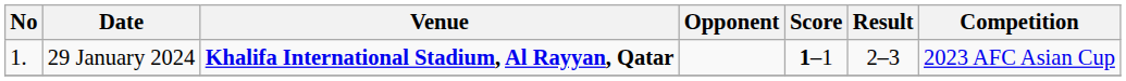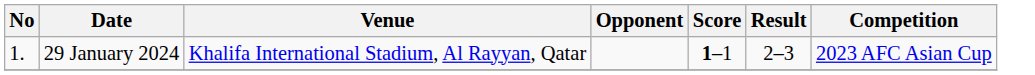 <table class="wikitable" style="font-size:100%;">
 <tr>
 <th>No</th>
 <th>Date</th>
 <th>Venue</th>
 <th>Opponent</th>
 <th>Score</th>
 <th>Result</th>
 <th>Competition</th>
 </tr>
 <tr>
 <td>1.</td>
 <td>29 January 2024</td>
-<td><strong><a href='#'>Khalifa International Stadium</a>, <a href='#'>Al Rayyan</a>, Qatar</strong></td>
+<td><a href='#'>Khalifa International Stadium</a>, <a href='#'>Al Rayyan</a>, Qatar</td>
 <td></td>
 <td align="center"><strong>1</strong>–1</td>
 <td align="center">2–3</td>
 <td><a href='#'>2023 AFC Asian Cup</a></td>
 </tr>
 <tr>
 </tr>
 </table>
